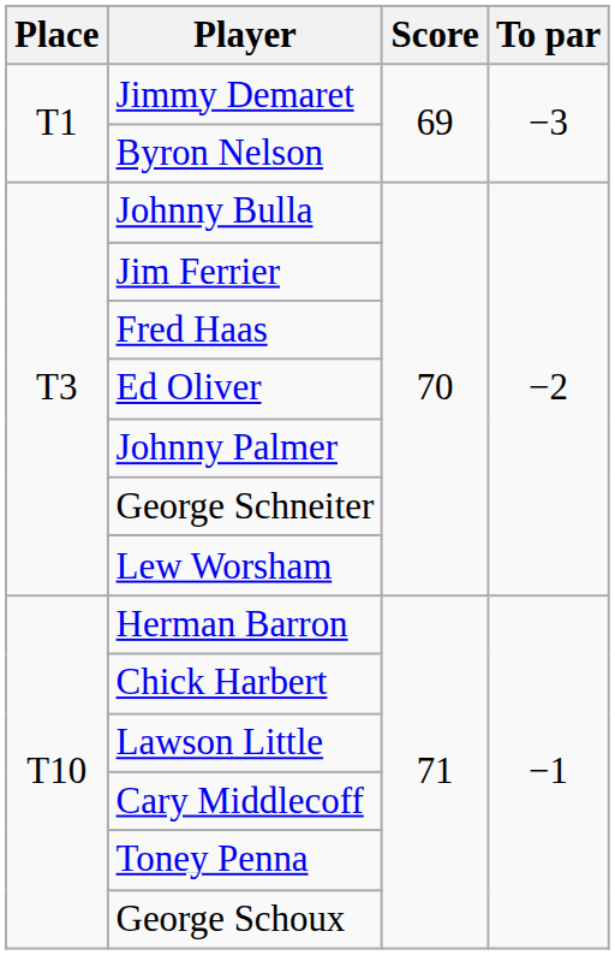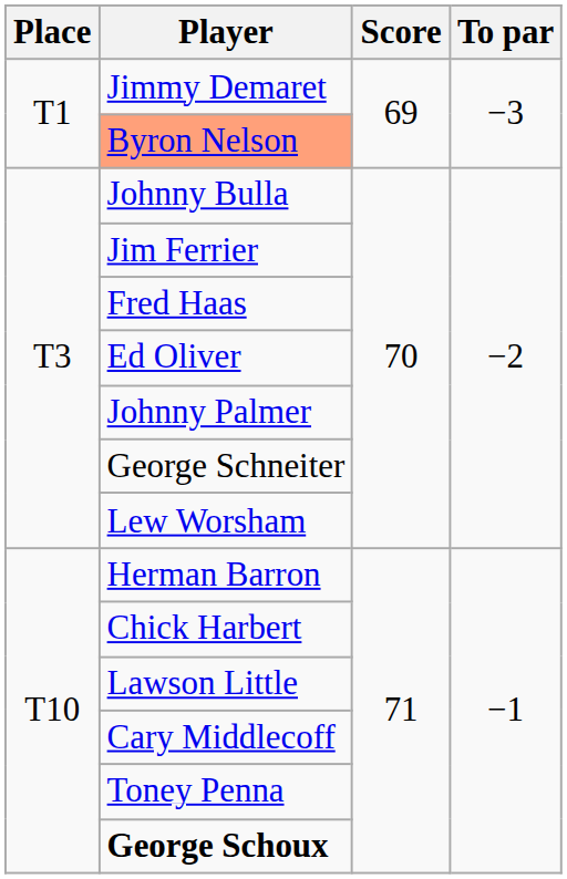 <table class="wikitable">
 <tr>
 <th>Place</th>
 <th>Player</th>
 <th>Score</th>
 <th>To par</th>
 </tr>
 <tr>
 <td rowspan="2" align="center">T1</td>
 <td> <a href='#'>Jimmy Demaret</a></td>
 <td rowspan="2" align="center">69</td>
 <td rowspan="2" align="center">−3</td>
 </tr>
 <tr>
-<td> <a href='#'>Byron Nelson</a></td>
+<td style="background: lightsalmon;"> <a href='#'>Byron Nelson</a></td>
 </tr>
 <tr>
 <td rowspan="7" align="center">T3</td>
 <td> <a href='#'>Johnny Bulla</a></td>
 <td rowspan="7" align="center">70</td>
 <td rowspan="7" align="center">−2</td>
 </tr>
 <tr>
 <td> <a href='#'>Jim Ferrier</a></td>
 </tr>
 <tr>
 <td> <a href='#'>Fred Haas</a></td>
 </tr>
 <tr>
 <td> <a href='#'>Ed Oliver</a></td>
 </tr>
 <tr>
 <td> <a href='#'>Johnny Palmer</a></td>
 </tr>
 <tr>
 <td> George Schneiter</td>
 </tr>
 <tr>
 <td> <a href='#'>Lew Worsham</a></td>
 </tr>
 <tr>
 <td rowspan="6" align="center">T10</td>
 <td> <a href='#'>Herman Barron</a></td>
 <td rowspan="6" align="center">71</td>
 <td rowspan="6" align="center">−1</td>
 </tr>
 <tr>
 <td> <a href='#'>Chick Harbert</a></td>
 </tr>
 <tr>
 <td> <a href='#'>Lawson Little</a></td>
 </tr>
 <tr>
 <td> <a href='#'>Cary Middlecoff</a></td>
 </tr>
 <tr>
 <td> <a href='#'>Toney Penna</a></td>
 </tr>
 <tr>
-<td> George Schoux</td>
+<td><strong> George Schoux</strong></td>
 </tr>
 </table>
